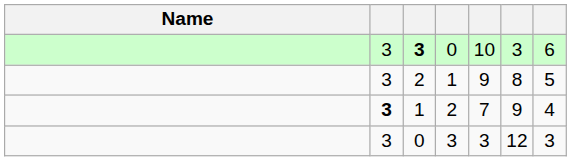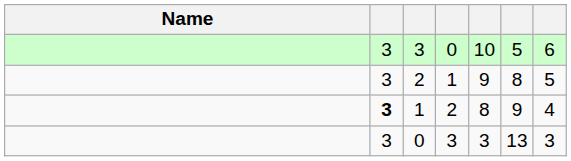 <table class=wikitable style="text-align:center">
 <tr>
 <th width=300>Name</th>
 <th width=20></th>
 <th width=20></th>
 <th width=20></th>
 <th width=20></th>
 <th width=20></th>
 <th width=20></th>
 </tr>
 <tr style="background-color:#ccffcc;">
 <td style="text-align:left;"></td>
 <td>3</td>
-<td><strong>3</strong></td>
+<td>3</td>
 <td>0</td>
 <td>10</td>
-<td>3</td>
+<td>5</td>
 <td>6</td>
 </tr>
 <tr>
 <td style="text-align:left;"></td>
 <td>3</td>
 <td>2</td>
 <td>1</td>
 <td>9</td>
 <td>8</td>
 <td>5</td>
 </tr>
 <tr>
 <td style="text-align:left;"></td>
 <td><strong>3</strong></td>
 <td>1</td>
 <td>2</td>
-<td>7</td>
+<td>8</td>
 <td>9</td>
 <td>4</td>
 </tr>
 <tr>
 <td style="text-align:left;"></td>
 <td>3</td>
 <td>0</td>
 <td>3</td>
 <td>3</td>
-<td>12</td>
+<td>13</td>
 <td>3</td>
 </tr>
 </table>
